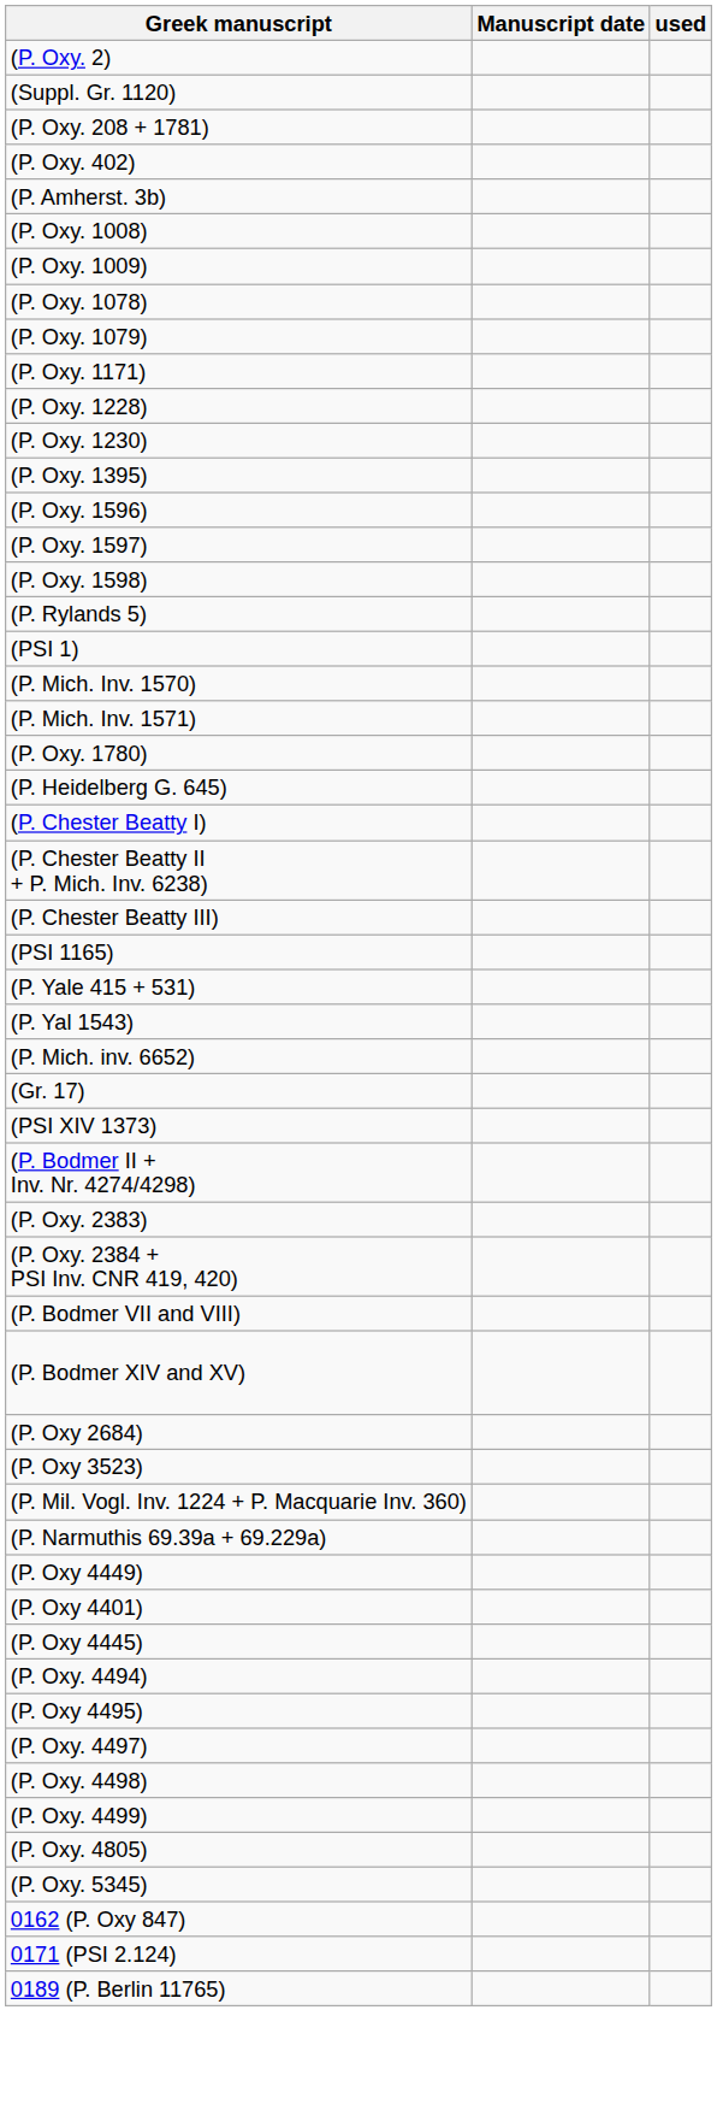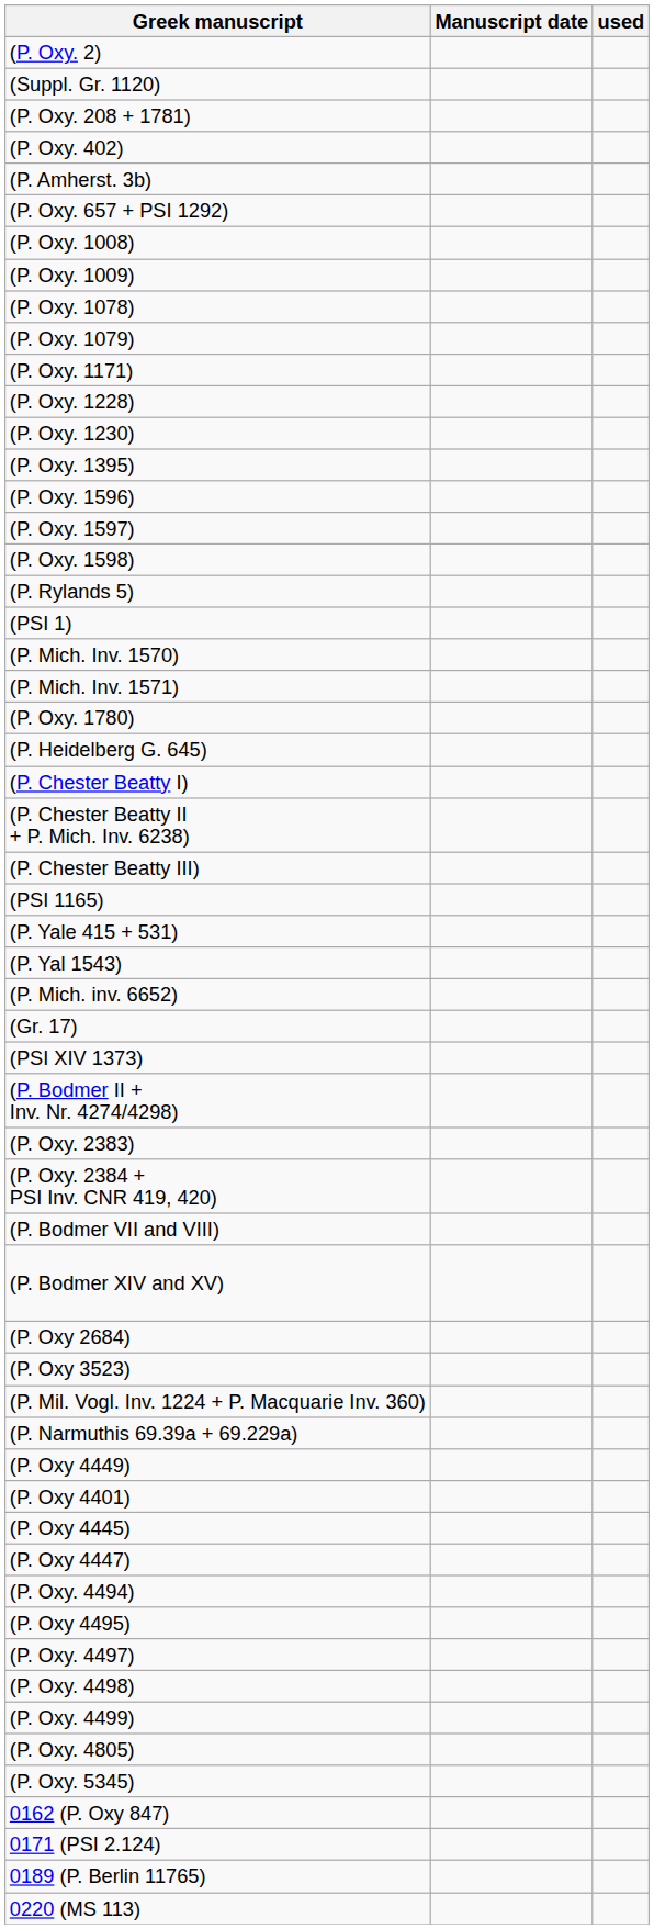 <table class="wikitable" style="font-size: 95%">
 <tr>
 <th>Greek manuscript</th>
 <th>Manuscript date</th>
 <th> used</th>
 </tr>
 <tr>
 <td> (<a href='#'>P. Oxy.</a> 2)</td>
 <td></td>
 <td>     </td>
 </tr>
 <tr>
 <td> (Suppl. Gr. 1120)</td>
 <td></td>
 <td>         </td>
 </tr>
 <tr>
 <td> (P. Oxy. 208 + 1781)</td>
 <td></td>
 <td>     </td>
 </tr>
 <tr>
 <td> (P. Oxy. 402)</td>
 <td></td>
 <td> </td>
 </tr>
 <tr>
 <td> (P. Amherst. 3b)</td>
 <td></td>
 <td></td>
+</tr>
+<tr>
+<td> (P. Oxy. 657 + PSI 1292)</td>
+<td></td>
+<td>        </td>
 </tr>
 <tr>
 <td> (P. Oxy. 1008)</td>
 <td></td>
 <td>       </td>
 </tr>
 <tr>
 <td> (P. Oxy. 1009)</td>
 <td></td>
 <td>  </td>
 </tr>
 <tr>
 <td> (P. Oxy. 1078)</td>
 <td></td>
 <td> </td>
 </tr>
 <tr>
 <td> (P. Oxy. 1079)</td>
 <td></td>
 <td>  </td>
 </tr>
 <tr>
 <td> (P. Oxy. 1171)</td>
 <td></td>
 <td>  </td>
 </tr>
 <tr>
 <td> (P. Oxy. 1228)</td>
 <td></td>
 <td>     </td>
 </tr>
 <tr>
 <td> (P. Oxy. 1230)</td>
 <td></td>
 <td> </td>
 </tr>
 <tr>
 <td> (P. Oxy. 1395)</td>
 <td></td>
 <td> </td>
 </tr>
 <tr>
 <td> (P. Oxy. 1596)</td>
 <td></td>
 <td> </td>
 </tr>
 <tr>
 <td> (P. Oxy. 1597)</td>
 <td></td>
 <td> </td>
 </tr>
 <tr>
 <td> (P. Oxy. 1598)</td>
 <td></td>
 <td>   </td>
 </tr>
 <tr>
 <td> (P. Rylands 5)</td>
 <td></td>
 <td></td>
 </tr>
 <tr>
 <td> (PSI 1)</td>
 <td></td>
 <td> </td>
 </tr>
 <tr>
 <td> (P. Mich. Inv. 1570)</td>
 <td></td>
 <td>   </td>
 </tr>
 <tr>
 <td> (P. Mich. Inv. 1571)</td>
 <td></td>
 <td>     </td>
 </tr>
 <tr>
 <td> (P. Oxy. 1780)</td>
 <td></td>
 <td>  </td>
 </tr>
 <tr>
 <td> (P. Heidelberg G. 645)</td>
 <td></td>
 <td>     </td>
 </tr>
 <tr>
 <td> (<a href='#'>P. Chester Beatty</a> I)</td>
 <td></td>
 <td>              <br>         </td>
 </tr>
 <tr>
 <td> (P. Chester Beatty II <br> + P. Mich. Inv. 6238)</td>
 <td></td>
 <td>                   <br>             <br>            </td>
 </tr>
 <tr>
 <td> (P. Chester Beatty III)</td>
 <td></td>
 <td>           </td>
 </tr>
 <tr>
 <td> (PSI 1165)</td>
 <td></td>
 <td></td>
 </tr>
 <tr>
 <td> (P. Yale 415 + 531)</td>
 <td></td>
 <td>       </td>
 </tr>
 <tr>
 <td> (P. Yal 1543)</td>
 <td></td>
 <td>    </td>
 </tr>
 <tr>
 <td> (P. Mich. inv. 6652)</td>
 <td></td>
 <td>   </td>
 </tr>
 <tr>
 <td> (Gr. 17)</td>
 <td></td>
 <td> </td>
 </tr>
 <tr>
 <td> (PSI XIV 1373)</td>
 <td></td>
 <td> </td>
 </tr>
 <tr>
 <td> (<a href='#'>P. Bodmer</a> II + <br> Inv. Nr. 4274/4298)</td>
 <td></td>
 <td>                  <br>                    </td>
 </tr>
 <tr>
 <td> (P. Oxy. 2383)</td>
 <td></td>
 <td></td>
 </tr>
 <tr>
 <td> (P. Oxy. 2384 +<br> PSI Inv. CNR 419, 420)</td>
 <td></td>
 <td>  </td>
 </tr>
 <tr>
 <td> (P. Bodmer VII and VIII)</td>
 <td></td>
 <td>               <br>        </td>
 </tr>
 <tr>
 <td> (P. Bodmer XIV and XV)</td>
 <td></td>
 <td>                 <br>            <br>       <br>        </td>
 </tr>
 <tr>
 <td> (P. Oxy 2684)</td>
 <td></td>
 <td>   </td>
 </tr>
 <tr>
 <td> (P. Oxy 3523)</td>
 <td></td>
 <td></td>
 </tr>
 <tr>
 <td> (P. Mil. Vogl. Inv. 1224 + P. Macquarie Inv. 360)</td>
 <td></td>
 <td>    </td>
 </tr>
 <tr>
 <td> (P. Narmuthis 69.39a + 69.229a)</td>
 <td></td>
 <td>  </td>
 </tr>
 <tr>
 <td> (P. Oxy 4449)</td>
 <td></td>
 <td> </td>
 </tr>
 <tr>
 <td> (P. Oxy 4401)</td>
 <td></td>
 <td>  </td>
 </tr>
 <tr>
 <td> (P. Oxy 4445)</td>
 <td></td>
 <td>    </td>
 </tr>
 <tr>
+<td> (P. Oxy 4447)</td>
+<td></td>
+<td> </td>
+</tr>
+<tr>
 <td> (P. Oxy. 4494)</td>
 <td></td>
 <td></td>
 </tr>
 <tr>
 <td> (P. Oxy 4495)</td>
 <td></td>
 <td></td>
 </tr>
 <tr>
 <td> (P. Oxy. 4497)</td>
 <td></td>
 <td></td>
 </tr>
 <tr>
 <td> (P. Oxy. 4498)</td>
 <td></td>
 <td></td>
 </tr>
 <tr>
 <td> (P. Oxy. 4499)</td>
 <td></td>
 <td>            </td>
 </tr>
 <tr>
 <td> (P. Oxy. 4805)</td>
 <td></td>
 <td> </td>
 </tr>
 <tr>
 <td> (P. Oxy. 5345)</td>
 <td></td>
 <td></td>
 </tr>
 <tr>
 <td><a href='#'>0162</a> (P. Oxy 847)</td>
 <td></td>
 <td>  </td>
 </tr>
 <tr>
 <td><a href='#'>0171</a> (PSI 2.124)</td>
 <td></td>
 <td> </td>
 </tr>
 <tr>
 <td><a href='#'>0189</a> (P. Berlin 11765)</td>
 <td></td>
 <td>      </td>
 </tr>
+<tr>
+<td><a href='#'>0220</a> (MS 113)</td>
+<td></td>
+<td>    </td>
+</tr>
 </table>
